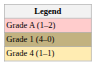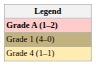 <table class="wikitable" style="font-size:85%; width:11%;">
 <tr>
 <th>Legend</th>
 </tr>
 <tr bgcolor="ffcccc">
-<td>Grade A (1–2)</td>
+<td><strong>Grade A (1–2)</strong></td>
 </tr>
 <tr bgcolor="#C2B280">
 <td>Grade 1 (4–0)</td>
 </tr>
 <tr bgcolor="#ffecb2">
 <td>Grade 4 (1–1)</td>
 </tr>
 </table>
